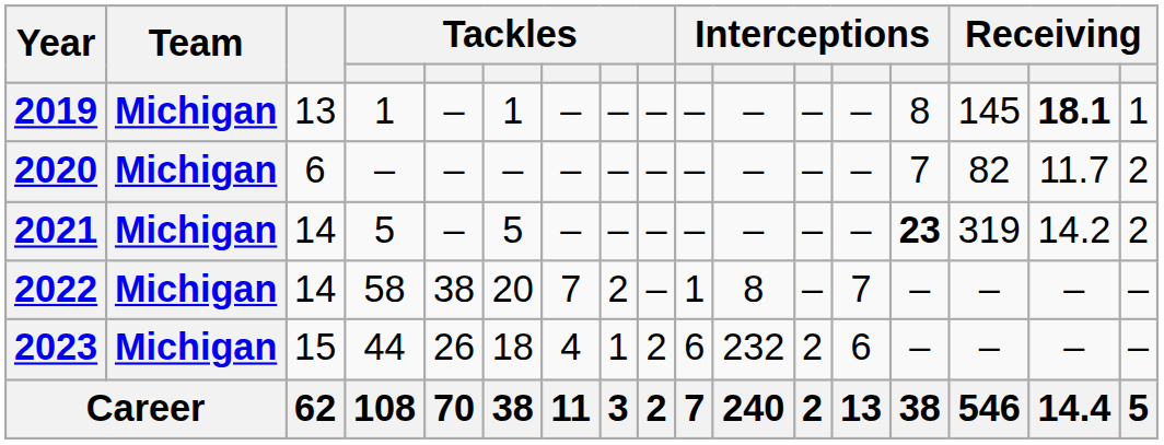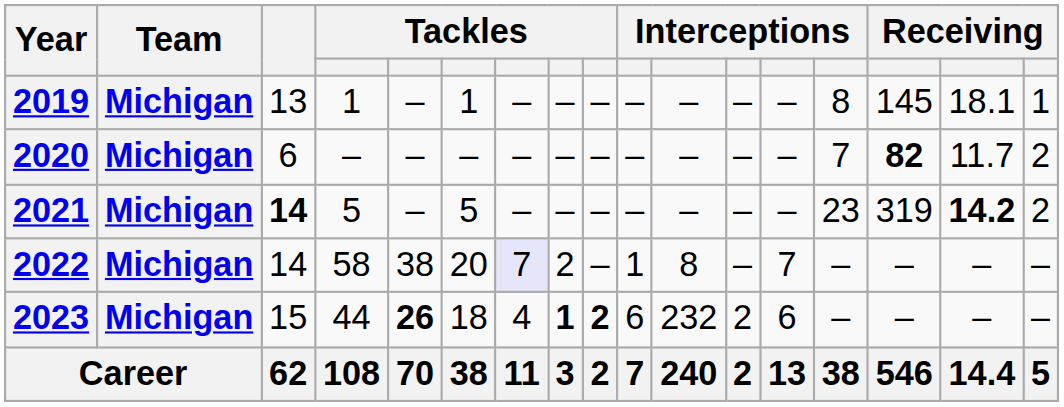 <table class="wikitable" style="text-align:center;">
 <tr>
 <th rowspan="2">Year</th>
 <th rowspan="2">Team</th>
 <th rowspan="2"></th>
 <th colspan="6">Tackles</th>
 <th colspan="5">Interceptions</th>
 <th colspan="4">Receiving</th>
 </tr>
 <tr>
 <th></th>
 <th></th>
 <th></th>
 <th></th>
 <th></th>
 <th></th>
 <th></th>
 <th></th>
 <th></th>
 <th></th>
 <th></th>
 <th></th>
 <th></th>
 <th></th>
 </tr>
 <tr>
 <th><a href='#'>2019</a></th>
 <th><a href='#'>Michigan</a></th>
 <td>13</td>
 <td>1</td>
 <td>–</td>
 <td>1</td>
 <td>–</td>
 <td>–</td>
 <td>–</td>
 <td>–</td>
 <td>–</td>
 <td>–</td>
 <td>–</td>
 <td>8</td>
 <td>145</td>
-<td><strong>18.1</strong></td>
+<td>18.1</td>
 <td>1</td>
 </tr>
 <tr>
 <th><a href='#'>2020</a></th>
 <th><a href='#'>Michigan</a></th>
 <td>6</td>
 <td>–</td>
 <td>–</td>
 <td>–</td>
 <td>–</td>
 <td>–</td>
 <td>–</td>
 <td>–</td>
 <td>–</td>
 <td>–</td>
 <td>–</td>
 <td>7</td>
-<td>82</td>
+<td><strong>82</strong></td>
 <td>11.7</td>
 <td>2</td>
 </tr>
 <tr>
 <th><a href='#'>2021</a></th>
 <th><a href='#'>Michigan</a></th>
-<td>14</td>
+<td><strong>14</strong></td>
 <td>5</td>
 <td>–</td>
 <td>5</td>
 <td>–</td>
 <td>–</td>
 <td>–</td>
 <td>–</td>
 <td>–</td>
 <td>–</td>
 <td>–</td>
-<td><strong>23</strong></td>
+<td>23</td>
 <td>319</td>
-<td>14.2</td>
+<td><strong>14.2</strong></td>
 <td>2</td>
 </tr>
 <tr>
 <th><a href='#'>2022</a></th>
 <th><a href='#'>Michigan</a></th>
 <td>14</td>
 <td>58</td>
 <td>38</td>
 <td>20</td>
-<td>7</td>
+<td style="background: lavender;">7</td>
 <td>2</td>
 <td>–</td>
 <td>1</td>
 <td>8</td>
 <td>–</td>
 <td>7</td>
 <td>–</td>
 <td>–</td>
 <td>–</td>
 <td>–</td>
 </tr>
 <tr>
 <th><a href='#'>2023</a></th>
 <th><a href='#'>Michigan</a></th>
 <td>15</td>
 <td>44</td>
-<td>26</td>
+<td><strong>26</strong></td>
 <td>18</td>
 <td>4</td>
-<td>1</td>
-<td>2</td>
+<td><strong>1</strong></td>
+<td><strong>2</strong></td>
 <td>6</td>
 <td>232</td>
 <td>2</td>
 <td>6</td>
 <td>–</td>
 <td>–</td>
 <td>–</td>
 <td>–</td>
 </tr>
 <tr>
 <th colspan="2">Career</th>
 <th>62</th>
 <th>108</th>
 <th>70</th>
 <th>38</th>
 <th>11</th>
 <th>3</th>
 <th>2</th>
 <th>7</th>
 <th>240</th>
 <th>2</th>
 <th>13</th>
 <th>38</th>
 <th>546</th>
 <th>14.4</th>
 <th>5</th>
 </tr>
 </table>
